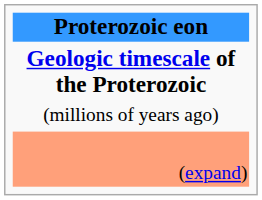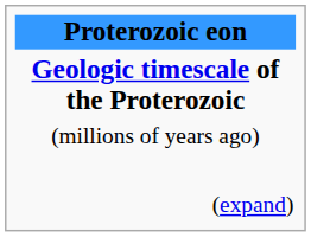 <table class="infobox" style="width:175px;">
 <tr>
 <th style="background:#3399FF;text-align:center;">Proterozoic eon</th>
 </tr>
 <tr>
 <th style="text-align:center;"><a href='#'>Geologic timescale</a> of the Proterozoic</th>
 </tr>
 <tr>
 <td style="text-align:center; font-size:smaller;">(millions of years ago)</td>
 </tr>
 <tr>
-<td style="background: lightsalmon; text-align:right;"><br><small>(<a href='#'>expand</a>)</small></td>
+<td style="text-align:right;"><br><small>(<a href='#'>expand</a>)</small></td>
 </tr>
 </table>
